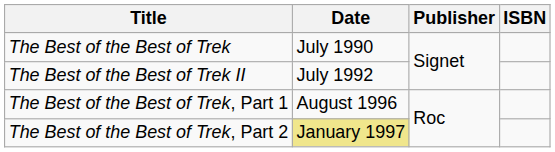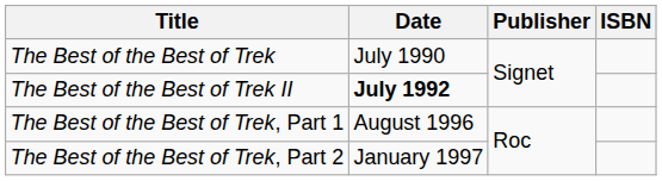 <table class="wikitable">
 <tr>
 <th>Title</th>
 <th>Date</th>
 <th>Publisher</th>
 <th>ISBN</th>
 </tr>
 <tr>
 <td><em>The Best of the Best of Trek</em></td>
 <td>July 1990</td>
 <td rowspan="2">Signet</td>
 <td></td>
 </tr>
 <tr>
 <td><em>The Best of the Best of Trek II</em></td>
-<td>July 1992</td>
+<td><strong>July 1992</strong></td>
 <td></td>
 </tr>
 <tr>
 <td><em>The Best of the Best of Trek</em>, Part 1</td>
 <td>August 1996</td>
 <td rowspan="2">Roc</td>
 <td></td>
 </tr>
 <tr>
 <td><em>The Best of the Best of Trek</em>, Part 2</td>
-<td style="background: khaki;">January 1997</td>
+<td>January 1997</td>
 <td></td>
 </tr>
 </table>
